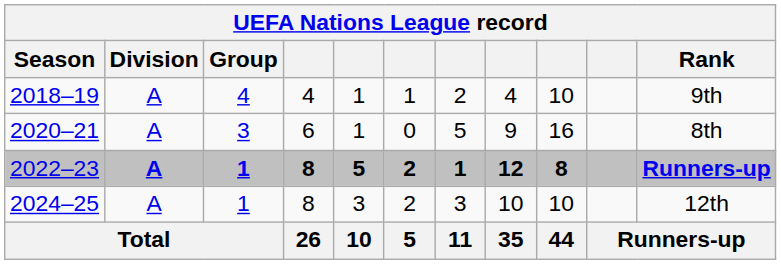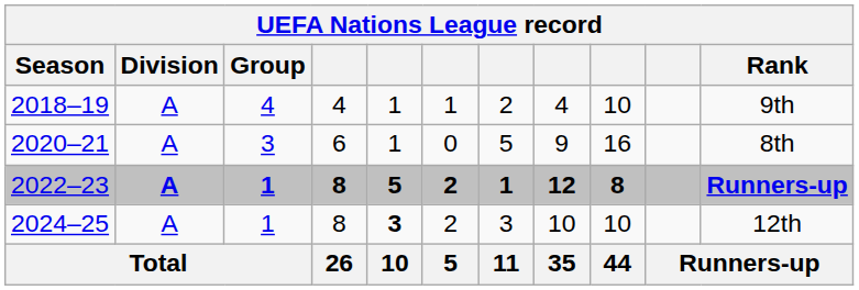 <table class="wikitable" style="text-align: center">
 <tr>
 <th colspan=11><a href='#'>UEFA Nations League</a> record</th>
 </tr>
 <tr>
 <th>Season</th>
 <th>Division</th>
 <th>Group</th>
 <th width=28></th>
 <th width=28></th>
 <th width=28></th>
 <th width=28></th>
 <th width=28></th>
 <th width=28></th>
 <th width=28></th>
 <th>Rank</th>
 </tr>
 <tr>
 <td> <a href='#'>2018–19</a></td>
 <td><a href='#'>A</a></td>
 <td><a href='#'>4</a></td>
 <td>4</td>
 <td>1</td>
 <td>1</td>
 <td>2</td>
 <td>4</td>
 <td>10</td>
 <td></td>
 <td>9th</td>
 </tr>
 <tr>
 <td> <a href='#'>2020–21</a></td>
 <td><a href='#'>A</a></td>
 <td><a href='#'>3</a></td>
 <td>6</td>
 <td>1</td>
 <td>0</td>
 <td>5</td>
 <td>9</td>
 <td>16</td>
 <td></td>
 <td>8th</td>
 </tr>
 <tr style="background:silver;">
 <td> <a href='#'>2022–23</a></td>
 <td><strong><a href='#'>A</a></strong></td>
 <td><strong><a href='#'>1</a></strong></td>
 <td><strong>8</strong></td>
 <td><strong>5</strong></td>
 <td><strong>2</strong></td>
 <td><strong>1</strong></td>
 <td><strong>12</strong></td>
 <td><strong>8</strong></td>
 <td></td>
 <td><strong><a href='#'>Runners-up</a></strong></td>
 </tr>
 <tr>
 <td> <a href='#'>2024–25</a></td>
 <td><a href='#'>A</a></td>
 <td><a href='#'>1</a></td>
 <td>8</td>
-<td>3</td>
+<td><strong>3</strong></td>
 <td>2</td>
 <td>3</td>
 <td>10</td>
 <td>10</td>
 <td></td>
 <td>12th</td>
 </tr>
 <tr>
 <th colspan=3>Total</th>
 <th>26</th>
 <th>10</th>
 <th>5</th>
 <th>11</th>
 <th>35</th>
 <th>44</th>
 <th colspan=2>Runners-up</th>
 </tr>
 </table>
